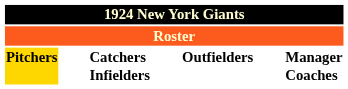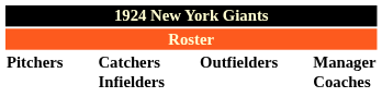 <table class="toccolours" style="font-size: 95%;">
 <tr>
 <th colspan="10" style="background-color: black; color: #FFFDD0; text-align: center;">1924 New York Giants</th>
 </tr>
 <tr>
 <td colspan="10" style="background-color: #fd5a1e; color: #FFFDD0; text-align: center;"><strong>Roster</strong></td>
 </tr>
 <tr>
-<td valign="top" style="background: gold;"><strong>Pitchers</strong><br>              </td>
+<td valign="top"><strong>Pitchers</strong><br>              </td>
 <td width="25px"></td>
 <td valign="top"><strong>Catchers</strong><br>    <strong>Infielders</strong>      </td>
 <td width="25px"></td>
 <td valign="top"><strong>Outfielders</strong><br>     </td>
 <td width="25px"></td>
 <td valign="top"><strong>Manager</strong><br> <strong>Coaches</strong>  </td>
 </tr>
 </table>
